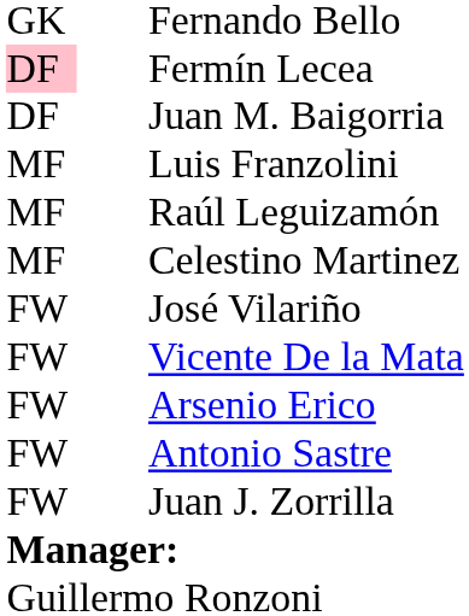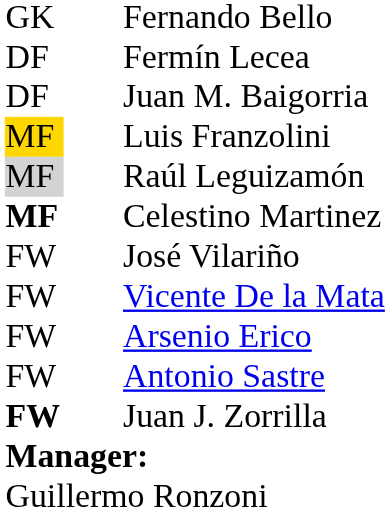 <table cellspacing="0" cellpadding="0" style="font-size:90%; margin:0.2em auto;">
 <tr>
 <th width="25"></th>
 <th width="25"></th>
 </tr>
 <tr>
 <td>GK</td>
 <td></td>
 <td> Fernando Bello</td>
 </tr>
 <tr>
-<td style="background: pink;">DF</td>
+<td>DF</td>
 <td></td>
 <td> Fermín Lecea</td>
 </tr>
 <tr>
 <td>DF</td>
 <td></td>
 <td> Juan M. Baigorria</td>
 </tr>
 <tr>
-<td>MF</td>
+<td style="background: gold;">MF</td>
 <td></td>
 <td> Luis Franzolini</td>
 </tr>
 <tr>
-<td>MF</td>
+<td style="background: lightgrey;">MF</td>
 <td></td>
 <td> Raúl Leguizamón</td>
 </tr>
 <tr>
-<td>MF</td>
+<td><strong>MF</strong></td>
 <td></td>
 <td> Celestino Martinez</td>
 </tr>
 <tr>
 <td>FW</td>
 <td></td>
 <td> José Vilariño</td>
 </tr>
 <tr>
 <td>FW</td>
 <td></td>
 <td> <a href='#'>Vicente De la Mata</a></td>
 </tr>
 <tr>
 <td>FW</td>
 <td></td>
 <td> <a href='#'>Arsenio Erico</a></td>
 </tr>
 <tr>
 <td>FW</td>
 <td></td>
 <td> <a href='#'>Antonio Sastre</a></td>
 </tr>
 <tr>
-<td>FW</td>
+<td><strong>FW</strong></td>
 <td></td>
 <td> Juan J. Zorrilla</td>
 </tr>
 <tr>
 <td colspan=3><strong>Manager:</strong></td>
 </tr>
 <tr>
 <td colspan=4> Guillermo Ronzoni</td>
 </tr>
 </table>
